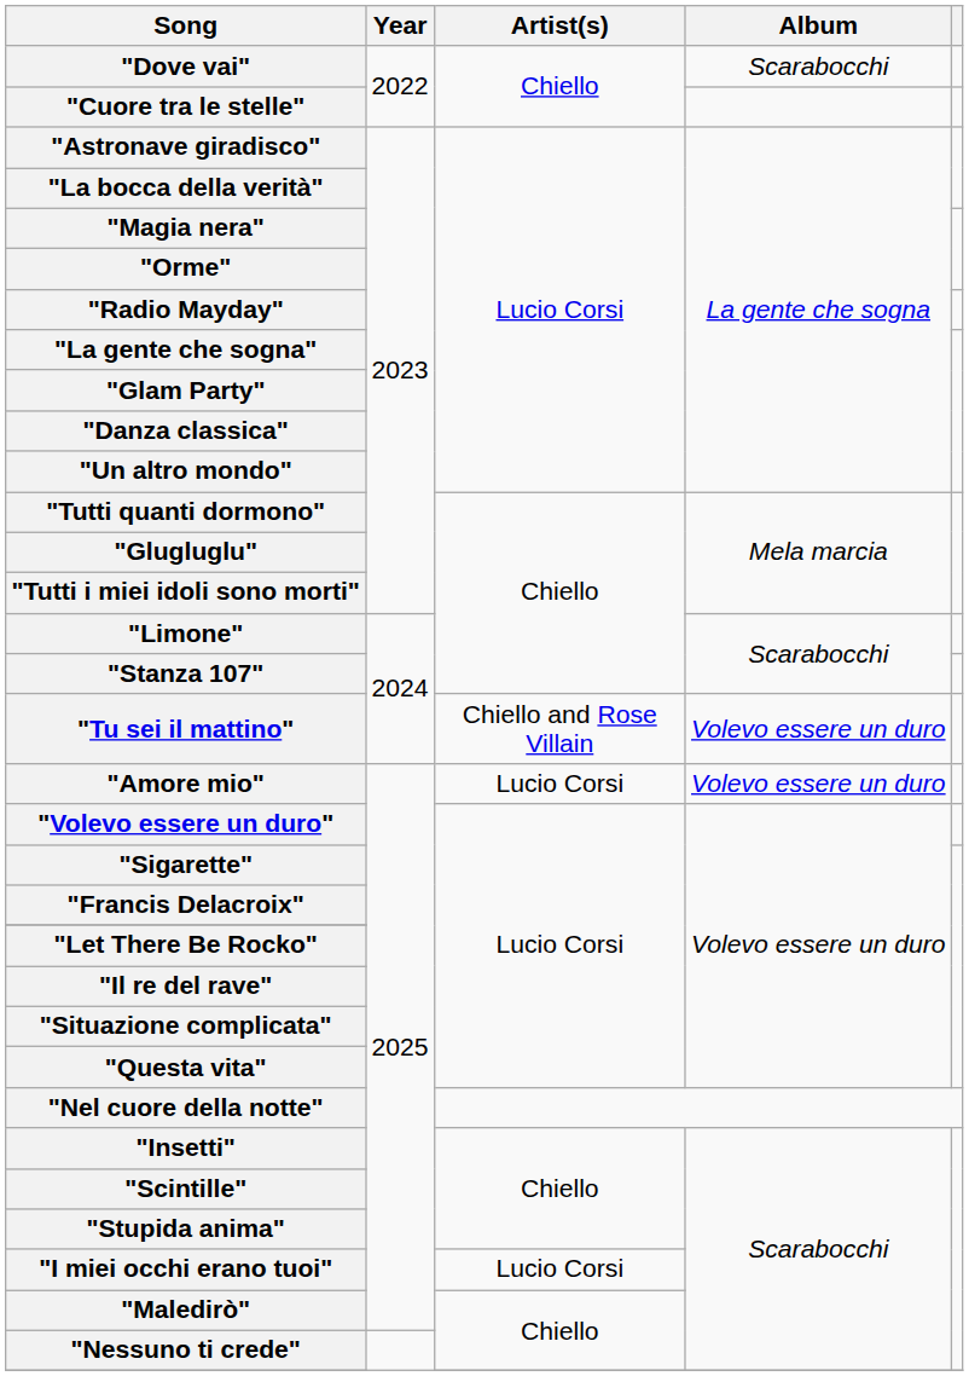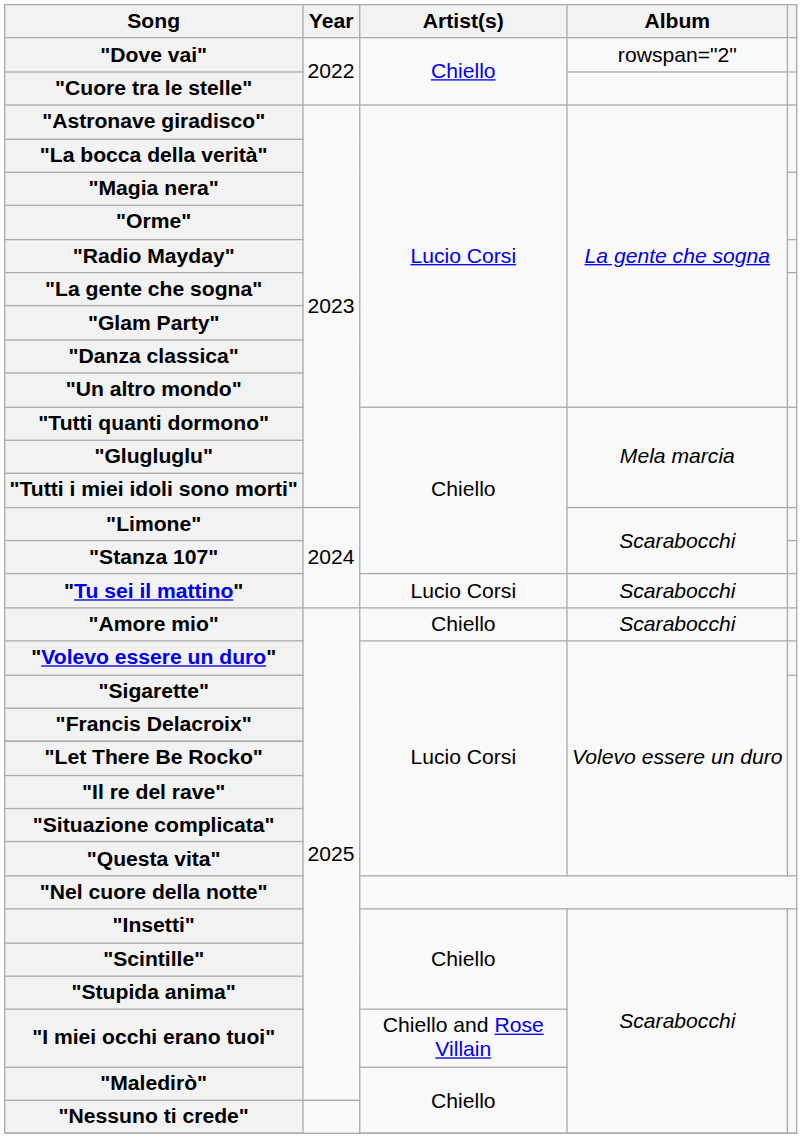 <table class="wikitable sortable plainrowheaders" style="text-align:center;">
 <tr>
 <th scope="col">Song</th>
 <th scope="col">Year</th>
 <th scope="col" width="150">Artist(s)</th>
 <th scope="col">Album</th>
 <th scope="col" class="unsortable"></th>
 </tr>
 <tr>
 <th scope="row">"Dove vai"</th>
 <td rowspan="2">2022</td>
 <td rowspan="2"><a href='#'>Chiello</a></td>
-<td><em>Scarabocchi</em></td>
+<td>rowspan="2" </td>
 <td></td>
 </tr>
 <tr>
 <th scope="row">"Cuore tra le stelle"</th>
 <td></td>
 </tr>
 <tr>
 <th scope="row">"Astronave giradisco"</th>
 <td rowspan="12">2023</td>
 <td rowspan="9"><a href='#'>Lucio Corsi</a></td>
 <td rowspan="9"><em><a href='#'>La gente che sogna</a></em></td>
 <td rowspan="2"></td>
 </tr>
 <tr>
 <th scope="row">"La bocca della verità"</th>
 </tr>
 <tr>
 <th scope="row">"Magia nera"</th>
 <td rowspan="2"></td>
 </tr>
 <tr>
 <th scope="row">"Orme"</th>
 </tr>
 <tr>
 <th scope="row">"Radio Mayday"</th>
 <td></td>
 </tr>
 <tr>
 <th scope="row">"La gente che sogna"</th>
 <td rowspan="4"></td>
 </tr>
 <tr>
 <th scope="row">"Glam Party"</th>
 </tr>
 <tr>
 <th scope="row">"Danza classica"</th>
 </tr>
 <tr>
 <th scope="row">"Un altro mondo"</th>
 </tr>
 <tr>
 <th scope="row">"Tutti quanti dormono"</th>
 <td rowspan="5">Chiello</td>
 <td rowspan="3"><em>Mela marcia</em></td>
 <td rowspan="3"></td>
 </tr>
 <tr>
 <th scope="row">"Glugluglu"</th>
 </tr>
 <tr>
 <th scope="row">"Tutti i miei idoli sono morti"</th>
 </tr>
 <tr>
 <th scope="row">"Limone"</th>
 <td rowspan="3">2024</td>
 <td rowspan="2"><em>Scarabocchi</em></td>
 <td></td>
 </tr>
 <tr>
 <th scope="row">"Stanza 107"</th>
 <td></td>
 </tr>
 <tr>
 <th scope="row">"<a href='#'>Tu sei il mattino</a>"</th>
-<td>Chiello and <a href='#'>Rose Villain</a></td>
-<td><em><a href='#'>Volevo essere un duro</a></em></td>
+<td>Lucio Corsi</td>
+<td><em>Scarabocchi</em></td>
 <td></td>
 </tr>
 <tr>
 <th scope="row">"Amore mio"</th>
 <td rowspan="15">2025</td>
-<td>Lucio Corsi</td>
-<td><em><a href='#'>Volevo essere un duro</a></em></td>
+<td>Chiello</td>
+<td><em>Scarabocchi</em></td>
 <td></td>
 </tr>
 <tr>
 <th scope="row">"<a href='#'>Volevo essere un duro</a>"</th>
 <td rowspan="8">Lucio Corsi</td>
 <td rowspan="8"><em>Volevo essere un duro</em></td>
 <td></td>
 </tr>
 <tr>
 <th scope="row">"Sigarette"</th>
 <td rowspan="7"></td>
 </tr>
 <tr>
 <th scope="row">"Francis Delacroix"</th>
 </tr>
 <tr>
 </tr>
 <tr>
 <th scope="row">"Let There Be Rocko"</th>
 </tr>
 <tr>
 <th scope="row">"Il re del rave"</th>
 </tr>
 <tr>
 <th scope="row">"Situazione complicata"</th>
 </tr>
 <tr>
 <th scope="row">"Questa vita"</th>
 </tr>
 <tr>
 <th scope="row">"Nel cuore della notte"</th>
 </tr>
 <tr>
 <th scope="row">"Insetti"</th>
 <td rowspan="3">Chiello</td>
 <td rowspan="6"><em>Scarabocchi</em></td>
 <td rowspan="6"></td>
 </tr>
 <tr>
 <th scope="row">"Scintille"</th>
 </tr>
 <tr>
 <th scope="row">"Stupida anima"</th>
 </tr>
 <tr>
 <th scope="row">"I miei occhi erano tuoi"</th>
-<td>Lucio Corsi</td>
+<td>Chiello and <a href='#'>Rose Villain</a></td>
 </tr>
 <tr>
 <th scope="row">"Maledirò"</th>
 <td rowspan="2">Chiello</td>
 </tr>
 <tr>
 <th scope="row">"Nessuno ti crede"</th>
 </tr>
 <tr>
 </tr>
 </table>
